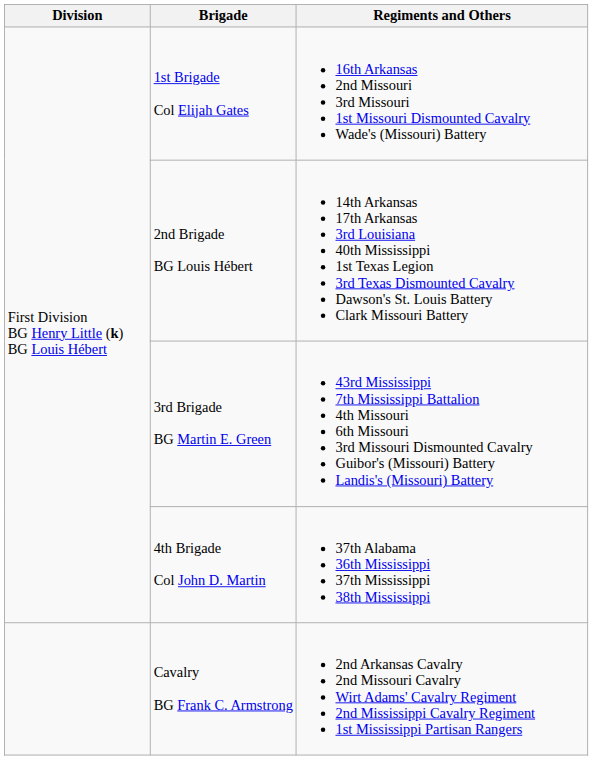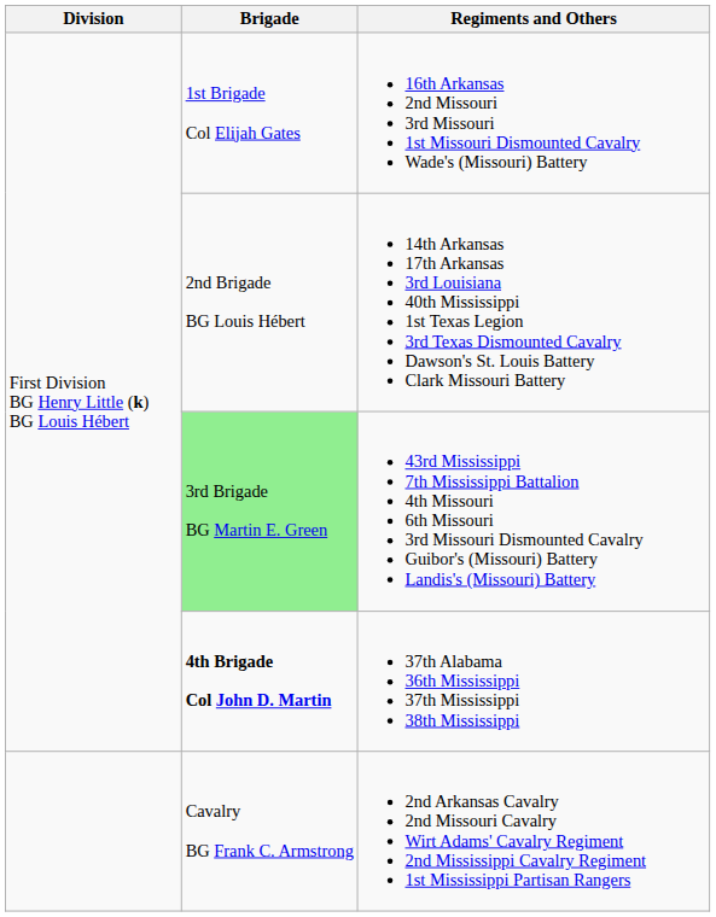 <table class="wikitable">
 <tr>
 <th width=25%>Division</th>
 <th width=25%>Brigade</th>
 <th>Regiments and Others</th>
 </tr>
 <tr>
 <td rowspan=4><br>First Division <br> BG <a href='#'>Henry Little</a> (<strong>k</strong>) <br> BG <a href='#'>Louis Hébert</a></td>
 <td><a href='#'>1st Brigade</a><br><br> Col <a href='#'>Elijah Gates</a></td>
 <td><br><ul><li><a href='#'>16th Arkansas</a></li><li>2nd Missouri</li><li>3rd Missouri</li><li><a href='#'>1st Missouri Dismounted Cavalry</a></li><li>Wade's (Missouri) Battery</li></ul></td>
 </tr>
 <tr>
 <td>2nd Brigade<br><br> BG Louis Hébert</td>
 <td><br><ul><li>14th Arkansas</li><li>17th Arkansas</li><li><a href='#'>3rd Louisiana</a></li><li>40th Mississippi</li><li>1st Texas Legion</li><li><a href='#'>3rd Texas Dismounted Cavalry</a></li><li>Dawson's St. Louis Battery</li><li>Clark Missouri Battery</li></ul></td>
 </tr>
 <tr>
-<td>3rd Brigade<br><br> BG <a href='#'>Martin E. Green</a></td>
+<td style="background: lightgreen;">3rd Brigade<br><br> BG <a href='#'>Martin E. Green</a></td>
 <td><br><ul><li><a href='#'>43rd Mississippi</a></li><li><a href='#'>7th Mississippi Battalion</a></li><li>4th Missouri</li><li>6th Missouri</li><li>3rd Missouri Dismounted Cavalry</li><li>Guibor's (Missouri) Battery</li><li><a href='#'>Landis's (Missouri) Battery</a></li></ul></td>
 </tr>
 <tr>
-<td>4th Brigade<br><br> Col <a href='#'>John D. Martin</a></td>
+<td><strong>4th Brigade<br><br> Col <a href='#'>John D. Martin</a></strong></td>
 <td><br><ul><li>37th Alabama</li><li><a href='#'>36th Mississippi</a></li><li>37th Mississippi</li><li><a href='#'>38th Mississippi</a></li></ul></td>
 </tr>
 <tr>
 <td></td>
 <td>Cavalry<br><br> BG <a href='#'>Frank C. Armstrong</a></td>
 <td><br><ul><li>2nd Arkansas Cavalry</li><li>2nd Missouri Cavalry</li><li><a href='#'>Wirt Adams' Cavalry Regiment</a></li><li><a href='#'>2nd Mississippi Cavalry Regiment</a></li><li><a href='#'>1st Mississippi Partisan Rangers</a></li></ul></td>
 </tr>
 </table>
